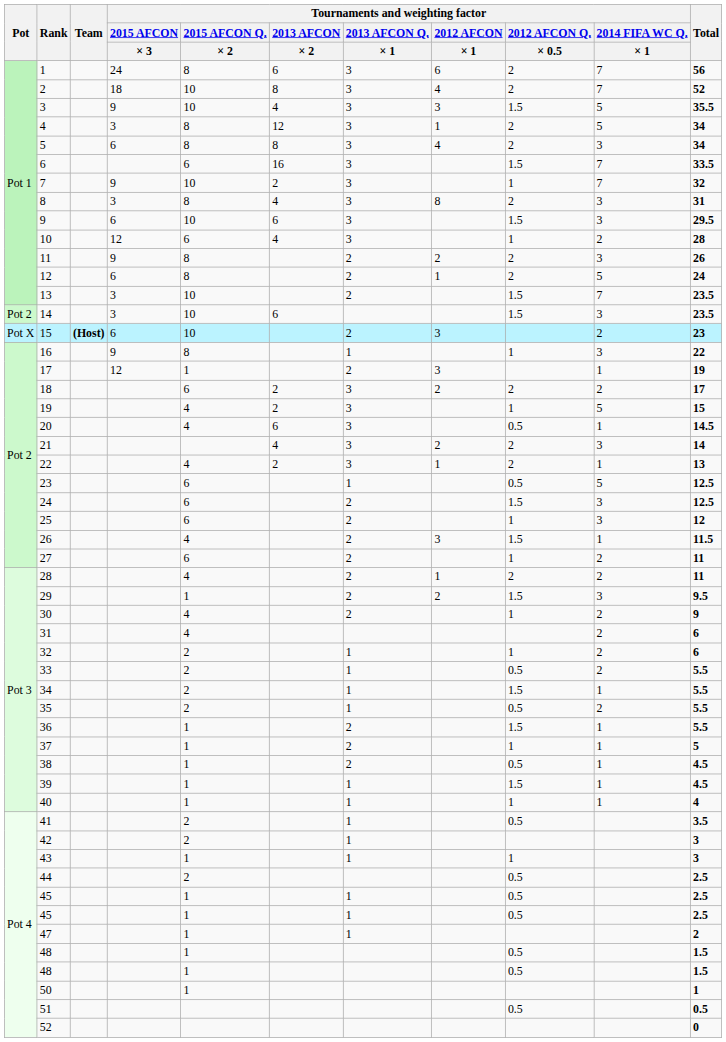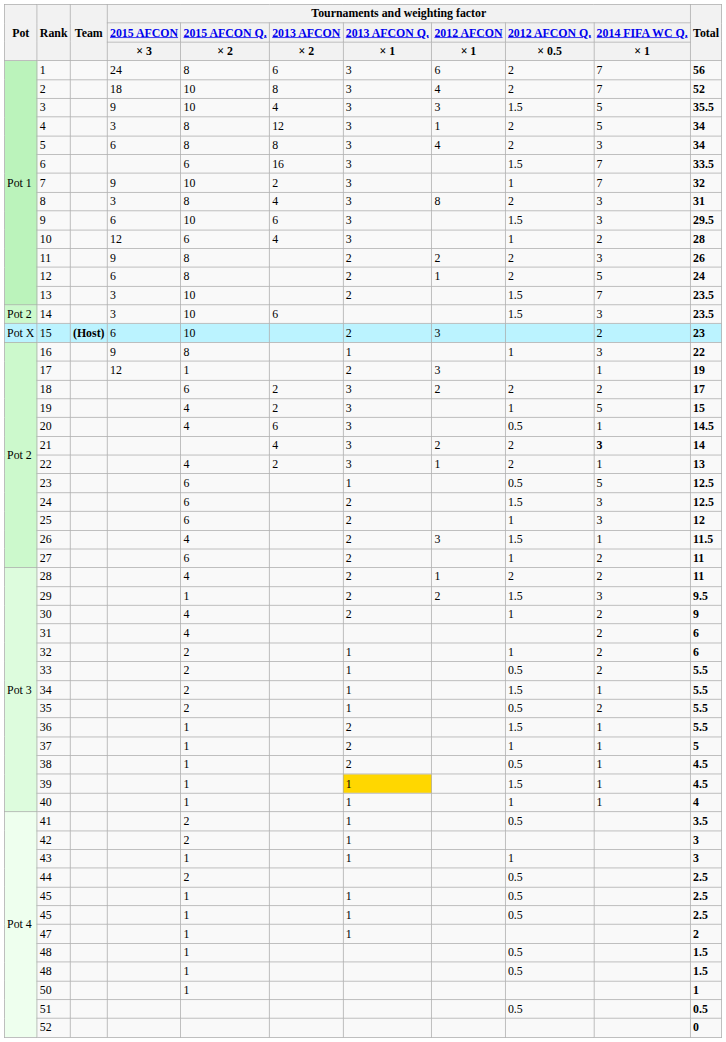 <table class="wikitable">
 <tr>
 <th rowspan="3">Pot</th>
 <th rowspan="3">Rank</th>
 <th rowspan="3">Team</th>
 <th colspan="7">Tournaments and weighting factor</th>
 <th rowspan="3">Total</th>
 </tr>
 <tr>
 <th><a href='#'>2015 AFCON</a></th>
 <th><a href='#'>2015 AFCON Q.</a></th>
 <th><a href='#'>2013 AFCON</a></th>
 <th><a href='#'>2013 AFCON Q.</a></th>
 <th><a href='#'>2012 AFCON</a></th>
 <th><a href='#'>2012 AFCON Q.</a></th>
 <th><a href='#'>2014 FIFA WC Q.</a></th>
 </tr>
 <tr>
 <th>× 3</th>
 <th>× 2</th>
 <th>× 2</th>
 <th>× 1</th>
 <th>× 1</th>
 <th>× 0.5</th>
 <th>× 1</th>
 </tr>
 <tr>
 <td bgcolor="#BBF3BB" rowspan="13">Pot 1</td>
 <td>1</td>
 <td></td>
 <td>24</td>
 <td>8</td>
 <td>6</td>
 <td>3</td>
 <td>6</td>
 <td>2</td>
 <td>7</td>
 <td><strong>56</strong></td>
 </tr>
 <tr>
 <td>2</td>
 <td></td>
 <td>18</td>
 <td>10</td>
 <td>8</td>
 <td>3</td>
 <td>4</td>
 <td>2</td>
 <td>7</td>
 <td><strong>52</strong></td>
 </tr>
 <tr>
 <td>3</td>
 <td></td>
 <td>9</td>
 <td>10</td>
 <td>4</td>
 <td>3</td>
 <td>3</td>
 <td>1.5</td>
 <td>5</td>
 <td><strong>35.5</strong></td>
 </tr>
 <tr>
 <td>4</td>
 <td></td>
 <td>3</td>
 <td>8</td>
 <td>12</td>
 <td>3</td>
 <td>1</td>
 <td>2</td>
 <td>5</td>
 <td><strong>34</strong></td>
 </tr>
 <tr>
 <td>5</td>
 <td></td>
 <td>6</td>
 <td>8</td>
 <td>8</td>
 <td>3</td>
 <td>4</td>
 <td>2</td>
 <td>3</td>
 <td><strong>34</strong></td>
 </tr>
 <tr>
 <td>6</td>
 <td></td>
 <td></td>
 <td>6</td>
 <td>16</td>
 <td>3</td>
 <td></td>
 <td>1.5</td>
 <td>7</td>
 <td><strong>33.5</strong></td>
 </tr>
 <tr>
 <td>7</td>
 <td></td>
 <td>9</td>
 <td>10</td>
 <td>2</td>
 <td>3</td>
 <td></td>
 <td>1</td>
 <td>7</td>
 <td><strong>32</strong></td>
 </tr>
 <tr>
 <td>8</td>
 <td></td>
 <td>3</td>
 <td>8</td>
 <td>4</td>
 <td>3</td>
 <td>8</td>
 <td>2</td>
 <td>3</td>
 <td><strong>31</strong></td>
 </tr>
 <tr>
 <td>9</td>
 <td></td>
 <td>6</td>
 <td>10</td>
 <td>6</td>
 <td>3</td>
 <td></td>
 <td>1.5</td>
 <td>3</td>
 <td><strong>29.5</strong></td>
 </tr>
 <tr>
 <td>10</td>
 <td></td>
 <td>12</td>
 <td>6</td>
 <td>4</td>
 <td>3</td>
 <td></td>
 <td>1</td>
 <td>2</td>
 <td><strong>28</strong></td>
 </tr>
 <tr>
 <td>11</td>
 <td></td>
 <td>9</td>
 <td>8</td>
 <td></td>
 <td>2</td>
 <td>2</td>
 <td>2</td>
 <td>3</td>
 <td><strong>26</strong></td>
 </tr>
 <tr>
 <td>12</td>
 <td></td>
 <td>6</td>
 <td>8</td>
 <td></td>
 <td>2</td>
 <td>1</td>
 <td>2</td>
 <td>5</td>
 <td><strong>24</strong></td>
 </tr>
 <tr>
 <td>13</td>
 <td></td>
 <td>3</td>
 <td>10</td>
 <td></td>
 <td>2</td>
 <td></td>
 <td>1.5</td>
 <td>7</td>
 <td><strong>23.5</strong></td>
 </tr>
 <tr>
 <td bgcolor="#CCF9CC">Pot 2</td>
 <td>14</td>
 <td></td>
 <td>3</td>
 <td>10</td>
 <td>6</td>
 <td></td>
 <td></td>
 <td>1.5</td>
 <td>3</td>
 <td><strong>23.5</strong></td>
 </tr>
 <tr bgcolor="#BBF3FF">
 <td>Pot X</td>
 <td>15</td>
 <td> <strong>(Host)</strong></td>
 <td>6</td>
 <td>10</td>
 <td></td>
 <td>2</td>
 <td>3</td>
 <td></td>
 <td>2</td>
 <td><strong>23</strong></td>
 </tr>
 <tr>
 <td bgcolor="#CCF9CC" rowspan="12">Pot 2</td>
 <td>16</td>
 <td></td>
 <td>9</td>
 <td>8</td>
 <td></td>
 <td>1</td>
 <td></td>
 <td>1</td>
 <td>3</td>
 <td><strong>22</strong></td>
 </tr>
 <tr>
 <td>17</td>
 <td></td>
 <td>12</td>
 <td>1</td>
 <td></td>
 <td>2</td>
 <td>3</td>
 <td></td>
 <td>1</td>
 <td><strong>19</strong></td>
 </tr>
 <tr>
 <td>18</td>
 <td></td>
 <td></td>
 <td>6</td>
 <td>2</td>
 <td>3</td>
 <td>2</td>
 <td>2</td>
 <td>2</td>
 <td><strong>17</strong></td>
 </tr>
 <tr>
 <td>19</td>
 <td></td>
 <td></td>
 <td>4</td>
 <td>2</td>
 <td>3</td>
 <td></td>
 <td>1</td>
 <td>5</td>
 <td><strong>15</strong></td>
 </tr>
 <tr>
 <td>20</td>
 <td></td>
 <td></td>
 <td>4</td>
 <td>6</td>
 <td>3</td>
 <td></td>
 <td>0.5</td>
 <td>1</td>
 <td><strong>14.5</strong></td>
 </tr>
 <tr>
 <td>21</td>
 <td></td>
 <td></td>
 <td></td>
 <td>4</td>
 <td>3</td>
 <td>2</td>
 <td>2</td>
-<td>3</td>
+<td><strong>3</strong></td>
 <td><strong>14</strong></td>
 </tr>
 <tr>
 <td>22</td>
 <td></td>
 <td></td>
 <td>4</td>
 <td>2</td>
 <td>3</td>
 <td>1</td>
 <td>2</td>
 <td>1</td>
 <td><strong>13</strong></td>
 </tr>
 <tr>
 <td>23</td>
 <td></td>
 <td></td>
 <td>6</td>
 <td></td>
 <td>1</td>
 <td></td>
 <td>0.5</td>
 <td>5</td>
 <td><strong>12.5</strong></td>
 </tr>
 <tr>
 <td>24</td>
 <td></td>
 <td></td>
 <td>6</td>
 <td></td>
 <td>2</td>
 <td></td>
 <td>1.5</td>
 <td>3</td>
 <td><strong>12.5</strong></td>
 </tr>
 <tr>
 <td>25</td>
 <td></td>
 <td></td>
 <td>6</td>
 <td></td>
 <td>2</td>
 <td></td>
 <td>1</td>
 <td>3</td>
 <td><strong>12</strong></td>
 </tr>
 <tr>
 <td>26</td>
 <td></td>
 <td></td>
 <td>4</td>
 <td></td>
 <td>2</td>
 <td>3</td>
 <td>1.5</td>
 <td>1</td>
 <td><strong>11.5</strong></td>
 </tr>
 <tr>
 <td>27</td>
 <td></td>
 <td></td>
 <td>6</td>
 <td></td>
 <td>2</td>
 <td></td>
 <td>1</td>
 <td>2</td>
 <td><strong>11</strong></td>
 </tr>
 <tr>
 <td bgcolor="#DDFCDD" rowspan="13">Pot 3</td>
 <td>28</td>
 <td></td>
 <td></td>
 <td>4</td>
 <td></td>
 <td>2</td>
 <td>1</td>
 <td>2</td>
 <td>2</td>
 <td><strong>11</strong></td>
 </tr>
 <tr>
 <td>29</td>
 <td></td>
 <td></td>
 <td>1</td>
 <td></td>
 <td>2</td>
 <td>2</td>
 <td>1.5</td>
 <td>3</td>
 <td><strong>9.5</strong></td>
 </tr>
 <tr>
 <td>30</td>
 <td></td>
 <td></td>
 <td>4</td>
 <td></td>
 <td>2</td>
 <td></td>
 <td>1</td>
 <td>2</td>
 <td><strong>9</strong></td>
 </tr>
 <tr>
 <td>31</td>
 <td></td>
 <td></td>
 <td>4</td>
 <td></td>
 <td></td>
 <td></td>
 <td></td>
 <td>2</td>
 <td><strong>6</strong></td>
 </tr>
 <tr>
 <td>32</td>
 <td></td>
 <td></td>
 <td>2</td>
 <td></td>
 <td>1</td>
 <td></td>
 <td>1</td>
 <td>2</td>
 <td><strong>6</strong></td>
 </tr>
 <tr>
 <td>33</td>
 <td></td>
 <td></td>
 <td>2</td>
 <td></td>
 <td>1</td>
 <td></td>
 <td>0.5</td>
 <td>2</td>
 <td><strong>5.5</strong></td>
 </tr>
 <tr>
 <td>34</td>
 <td></td>
 <td></td>
 <td>2</td>
 <td></td>
 <td>1</td>
 <td></td>
 <td>1.5</td>
 <td>1</td>
 <td><strong>5.5</strong></td>
 </tr>
 <tr>
 <td>35</td>
 <td></td>
 <td></td>
 <td>2</td>
 <td></td>
 <td>1</td>
 <td></td>
 <td>0.5</td>
 <td>2</td>
 <td><strong>5.5</strong></td>
 </tr>
 <tr>
 <td>36</td>
 <td></td>
 <td></td>
 <td>1</td>
 <td></td>
 <td>2</td>
 <td></td>
 <td>1.5</td>
 <td>1</td>
 <td><strong>5.5</strong></td>
 </tr>
 <tr>
 <td>37</td>
 <td></td>
 <td></td>
 <td>1</td>
 <td></td>
 <td>2</td>
 <td></td>
 <td>1</td>
 <td>1</td>
 <td><strong>5</strong></td>
 </tr>
 <tr>
 <td>38</td>
 <td></td>
 <td></td>
 <td>1</td>
 <td></td>
 <td>2</td>
 <td></td>
 <td>0.5</td>
 <td>1</td>
 <td><strong>4.5</strong></td>
 </tr>
 <tr>
 <td>39</td>
 <td></td>
 <td></td>
 <td>1</td>
 <td></td>
-<td>1</td>
+<td style="background: gold;">1</td>
 <td></td>
 <td>1.5</td>
 <td>1</td>
 <td><strong>4.5</strong></td>
 </tr>
 <tr>
 <td>40</td>
 <td></td>
 <td></td>
 <td>1</td>
 <td></td>
 <td>1</td>
 <td></td>
 <td>1</td>
 <td>1</td>
 <td><strong>4</strong></td>
 </tr>
 <tr>
 <td bgcolor="#EEFFEE" rowspan="12">Pot 4</td>
 <td>41</td>
 <td></td>
 <td></td>
 <td>2</td>
 <td></td>
 <td>1</td>
 <td></td>
 <td>0.5</td>
 <td></td>
 <td><strong>3.5</strong></td>
 </tr>
 <tr>
 <td>42</td>
 <td></td>
 <td></td>
 <td>2</td>
 <td></td>
 <td>1</td>
 <td></td>
 <td></td>
 <td></td>
 <td><strong>3</strong></td>
 </tr>
 <tr>
 <td>43</td>
 <td></td>
 <td></td>
 <td>1</td>
 <td></td>
 <td>1</td>
 <td></td>
 <td>1</td>
 <td></td>
 <td><strong>3</strong></td>
 </tr>
 <tr>
 <td>44</td>
 <td></td>
 <td></td>
 <td>2</td>
 <td></td>
 <td></td>
 <td></td>
 <td>0.5</td>
 <td></td>
 <td><strong>2.5</strong></td>
 </tr>
 <tr>
 <td>45</td>
 <td></td>
 <td></td>
 <td>1</td>
 <td></td>
 <td>1</td>
 <td></td>
 <td>0.5</td>
 <td></td>
 <td><strong>2.5</strong></td>
 </tr>
 <tr>
 <td>45</td>
 <td></td>
 <td></td>
 <td>1</td>
 <td></td>
 <td>1</td>
 <td></td>
 <td>0.5</td>
 <td></td>
 <td><strong>2.5</strong></td>
 </tr>
 <tr>
 <td>47</td>
 <td></td>
 <td></td>
 <td>1</td>
 <td></td>
 <td>1</td>
 <td></td>
 <td></td>
 <td></td>
 <td><strong>2</strong></td>
 </tr>
 <tr>
 <td>48</td>
 <td></td>
 <td></td>
 <td>1</td>
 <td></td>
 <td></td>
 <td></td>
 <td>0.5</td>
 <td></td>
 <td><strong>1.5</strong></td>
 </tr>
 <tr>
 <td>48</td>
 <td></td>
 <td></td>
 <td>1</td>
 <td></td>
 <td></td>
 <td></td>
 <td>0.5</td>
 <td></td>
 <td><strong>1.5</strong></td>
 </tr>
 <tr>
 <td>50</td>
 <td></td>
 <td></td>
 <td>1</td>
 <td></td>
 <td></td>
 <td></td>
 <td></td>
 <td></td>
 <td><strong>1</strong></td>
 </tr>
 <tr>
 <td>51</td>
 <td></td>
 <td></td>
 <td></td>
 <td></td>
 <td></td>
 <td></td>
 <td>0.5</td>
 <td></td>
 <td><strong>0.5</strong></td>
 </tr>
 <tr>
 <td>52</td>
 <td></td>
 <td></td>
 <td></td>
 <td></td>
 <td></td>
 <td></td>
 <td></td>
 <td></td>
 <td><strong>0</strong></td>
 </tr>
 </table>
